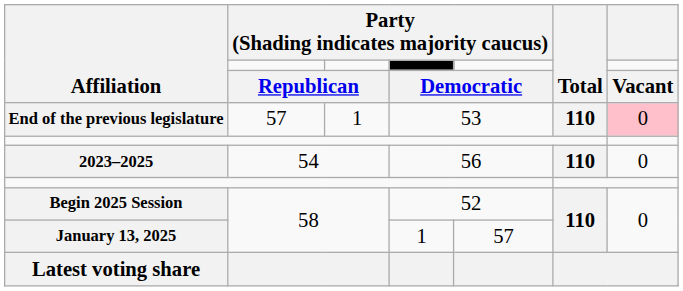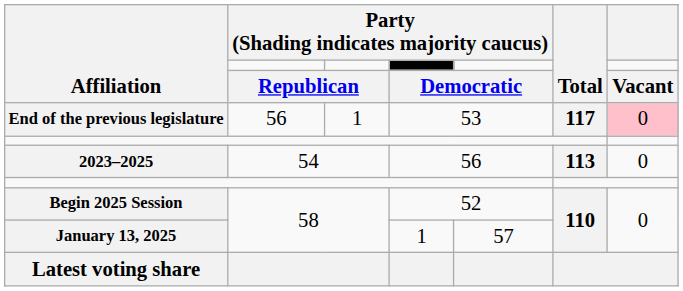 <table class="wikitable" style="text-align:center">
 <tr style="vertical-align:bottom">
 <th rowspan=3>Affiliation</th>
 <th colspan=4>Party <div>(Shading indicates majority caucus)</div></th>
 <th rowspan=3>Total</th>
 <th></th>
 </tr>
 <tr style="height:5px">
 <td style="background-color:"></td>
 <td style="background-color:"></td>
 <td style="background: black"></td>
 </tr>
 <tr>
 <th colspan=2><a href='#'>Republican</a></th>
 <th colspan=2><a href='#'>Democratic</a></th>
 <th>Vacant</th>
 </tr>
 <tr>
 <th nowrap style="font-size:80%">End of the previous legislature</th>
-<td>57</td>
+<td>56</td>
 <td>1</td>
 <td colspan=2>53</td>
-<th>110</th>
+<th>117</th>
 <td style="background: pink;">0</td>
 </tr>
 <tr>
 <td colspan=6></td>
 </tr>
 <tr>
 <th nowrap style="font-size:80%">2023–2025</th>
 <td colspan=2>54</td>
 <td colspan=2 >56</td>
-<th>110</th>
+<th>113</th>
 <td>0</td>
 </tr>
 <tr>
 <td colspan=5></td>
 </tr>
 <tr>
 <th nowrap style="font-size:80%">Begin 2025 Session</th>
 <td rowspan=2 colspan=2 >58</td>
 <td colspan=2>52</td>
 <th rowspan=2>110</th>
 <td rowspan=2>0</td>
 </tr>
 <tr>
 <th nowrap style="font-size:80%">January 13, 2025</th>
 <td>1</td>
 <td>57</td>
 </tr>
 <tr>
 <th>Latest voting share</th>
 <th colspan=2 ></th>
 <th></th>
 <th></th>
 <th colspan=2></th>
 </tr>
 </table>
